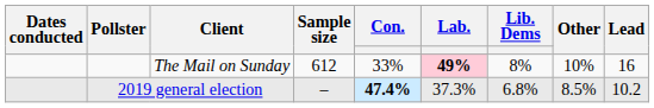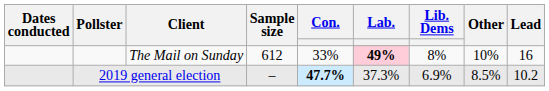 <table class="wikitable sortable mw-datatable" style="text-align:center; font-size:90%; line-height:14px;">
 <tr>
 <th rowspan="2">Dates<br>conducted</th>
 <th rowspan="2">Pollster</th>
 <th rowspan="2">Client</th>
 <th data-sort-type="number" rowspan="2">Sample<br>size</th>
 <th class="unsortable" style="width:50px;"><a href='#'>Con.</a></th>
 <th class="unsortable" style="width:50px;"><a href='#'>Lab.</a></th>
 <th class="unsortable" style="width:50px;"><a href='#'>Lib. Dems</a></th>
 <th class="unsortable" rowspan="2">Other</th>
 <th data-sort-type="number" rowspan="2">Lead</th>
 </tr>
 <tr>
 <th data-sort-type="number" style="background:"></th>
 <th data-sort-type="number" style="background:"></th>
 <th data-sort-type="number" style="background:"></th>
 </tr>
 <tr>
 <td></td>
 <td></td>
 <td><em>The Mail on Sunday</em></td>
 <td>612</td>
 <td>33%</td>
 <td style="background:#FFCCD9"><strong>49%</strong></td>
 <td>8%</td>
 <td>10%</td>
 <td style="background:">16</td>
 </tr>
 <tr style="background:#e9e9e9;">
 <td></td>
 <td colspan="2"><a href='#'>2019 general election</a></td>
 <td>–</td>
-<td style="background:#CCEBFF;"><strong>47.4%</strong></td>
+<td style="background:#CCEBFF;"><strong>47.7%</strong></td>
 <td>37.3%</td>
-<td>6.8%</td>
+<td>6.9%</td>
 <td>8.5%</td>
 <td style="background:">10.2</td>
 </tr>
 </table>
